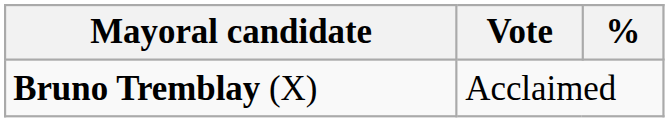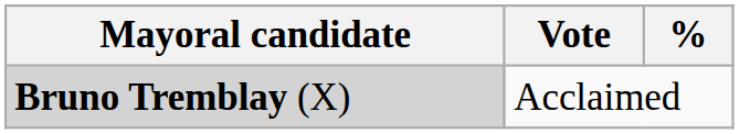 <table class="wikitable">
 <tr>
 <th bgcolor="#DDDDFF" width="200px">Mayoral candidate</th>
 <th bgcolor="#DDDDFF" width="50px">Vote</th>
 <th bgcolor="#DDDDFF"  width="30px">%</th>
 </tr>
 <tr>
-<td><strong>Bruno Tremblay</strong> (X)</td>
+<td style="background: lightgrey;"><strong>Bruno Tremblay</strong> (X)</td>
 <td colspan="2">Acclaimed</td>
 </tr>
 </table>
